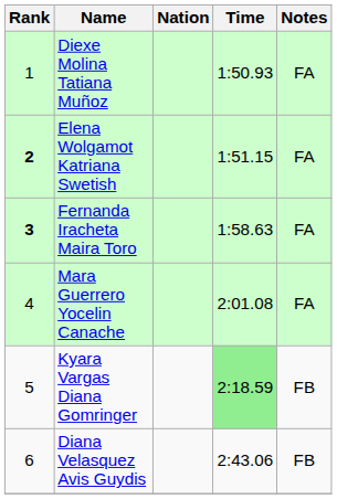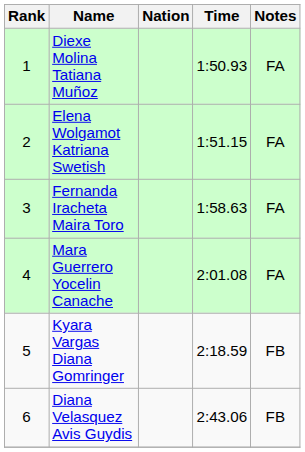 <table class="wikitable sortable" style="text-align:center" width=50%>
 <tr>
 <th>Rank</th>
 <th>Name</th>
 <th>Nation</th>
 <th>Time</th>
 <th>Notes</th>
 </tr>
 <tr bgcolor=ccffcc>
 <td>1</td>
 <td align=left><a href='#'>Diexe Molina</a><br><a href='#'>Tatiana Muñoz</a></td>
 <td align=left></td>
 <td>1:50.93</td>
 <td>FA</td>
 </tr>
 <tr bgcolor=ccffcc>
-<td><strong>2</strong></td>
+<td>2</td>
 <td align=left><a href='#'>Elena Wolgamot</a><br><a href='#'>Katriana Swetish</a></td>
 <td align=left></td>
 <td>1:51.15</td>
 <td>FA</td>
 </tr>
 <tr bgcolor=ccffcc>
-<td><strong>3</strong></td>
+<td>3</td>
 <td align=left><a href='#'>Fernanda Iracheta</a><br><a href='#'>Maira Toro</a></td>
 <td align=left></td>
 <td>1:58.63</td>
 <td>FA</td>
 </tr>
 <tr bgcolor=ccffcc>
 <td>4</td>
 <td align=left><a href='#'>Mara Guerrero</a><br><a href='#'>Yocelin Canache</a></td>
 <td align=left></td>
 <td>2:01.08</td>
 <td>FA</td>
 </tr>
 <tr>
 <td>5</td>
 <td align=left><a href='#'>Kyara Vargas</a><br><a href='#'>Diana Gomringer</a></td>
 <td align=left></td>
-<td style="background: lightgreen;">2:18.59</td>
+<td>2:18.59</td>
 <td>FB</td>
 </tr>
 <tr>
 <td>6</td>
 <td align=left><a href='#'>Diana Velasquez</a><br><a href='#'>Avis Guydis</a></td>
 <td align=left></td>
 <td>2:43.06</td>
 <td>FB</td>
 </tr>
 <tr>
 </tr>
 </table>
